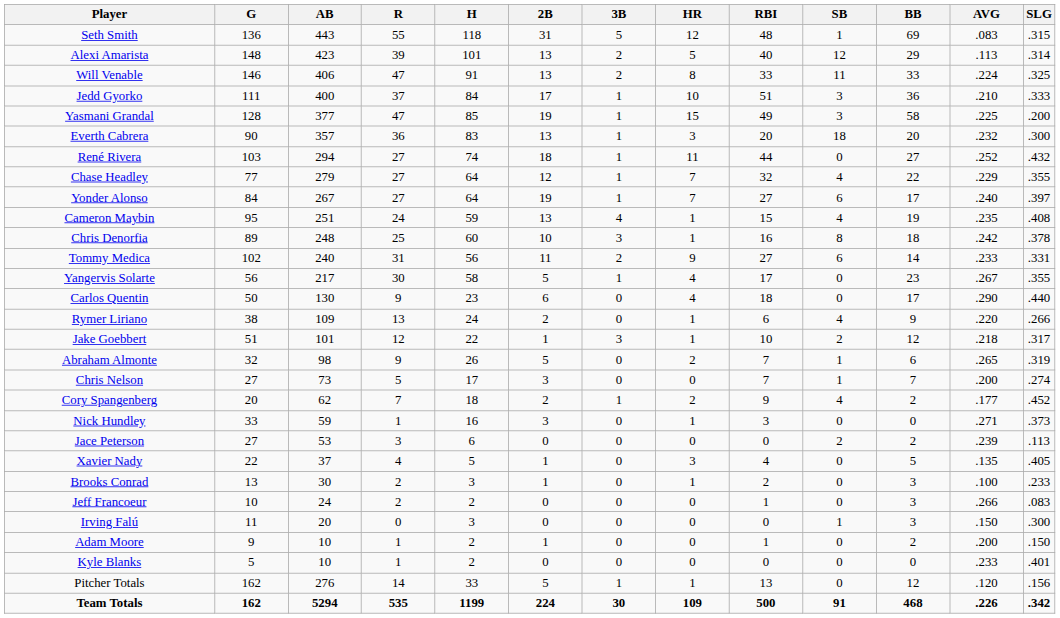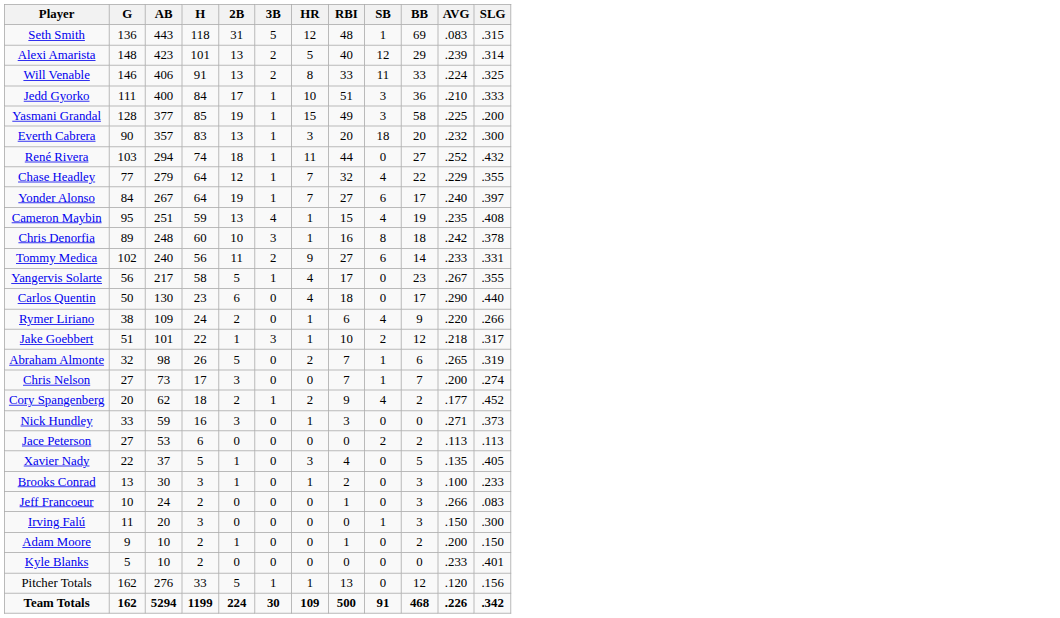 <table class=wikitable style="text-align:center">
 <tr>
 <th bgcolor=#DDDDFF; width="20%">Player</th>
 <th bgcolor=#DDDDFF; width="7%">G</th>
 <th bgcolor=#DDDDFF; width="7%">AB</th>
-<th bgcolor=#DDDDFF; width="7%">R</th>
 <th bgcolor=#DDDDFF; width="7%">H</th>
 <th bgcolor=#DDDDFF; width="7%">2B</th>
 <th bgcolor=#DDDDFF; width="7%">3B</th>
 <th bgcolor=#DDDDFF; width="7%">HR</th>
 <th bgcolor=#DDDDFF; width="7%">RBI</th>
 <th bgcolor=#DDDDFF; width="7%">SB</th>
 <th bgcolor=#DDDDFF; width="7%">BB</th>
 <th bgcolor=#DDDDFF; width="7%'">AVG</th>
 <th bgcolor=#DDDDFF; width="7%">SLG</th>
 </tr>
 <tr>
 <td><a href='#'>Seth Smith</a></td>
 <td>136</td>
 <td>443</td>
-<td>55</td>
 <td>118</td>
 <td>31</td>
 <td>5</td>
 <td>12</td>
 <td>48</td>
 <td>1</td>
 <td>69</td>
 <td>.083</td>
 <td>.315</td>
 </tr>
 <tr>
 <td><a href='#'>Alexi Amarista</a></td>
 <td>148</td>
 <td>423</td>
-<td>39</td>
 <td>101</td>
 <td>13</td>
 <td>2</td>
 <td>5</td>
 <td>40</td>
 <td>12</td>
 <td>29</td>
-<td>.113</td>
+<td>.239</td>
 <td>.314</td>
 </tr>
 <tr>
 <td><a href='#'>Will Venable</a></td>
 <td>146</td>
 <td>406</td>
-<td>47</td>
 <td>91</td>
 <td>13</td>
 <td>2</td>
 <td>8</td>
 <td>33</td>
 <td>11</td>
 <td>33</td>
 <td>.224</td>
 <td>.325</td>
 </tr>
 <tr>
 <td><a href='#'>Jedd Gyorko</a></td>
 <td>111</td>
 <td>400</td>
-<td>37</td>
 <td>84</td>
 <td>17</td>
 <td>1</td>
 <td>10</td>
 <td>51</td>
 <td>3</td>
 <td>36</td>
 <td>.210</td>
 <td>.333</td>
 </tr>
 <tr>
 <td><a href='#'>Yasmani Grandal</a></td>
 <td>128</td>
 <td>377</td>
-<td>47</td>
 <td>85</td>
 <td>19</td>
 <td>1</td>
 <td>15</td>
 <td>49</td>
 <td>3</td>
 <td>58</td>
 <td>.225</td>
 <td>.200</td>
 </tr>
 <tr>
 <td><a href='#'>Everth Cabrera</a></td>
 <td>90</td>
 <td>357</td>
-<td>36</td>
 <td>83</td>
 <td>13</td>
 <td>1</td>
 <td>3</td>
 <td>20</td>
 <td>18</td>
 <td>20</td>
 <td>.232</td>
 <td>.300</td>
 </tr>
 <tr>
 <td><a href='#'>René Rivera</a></td>
 <td>103</td>
 <td>294</td>
-<td>27</td>
 <td>74</td>
 <td>18</td>
 <td>1</td>
 <td>11</td>
 <td>44</td>
 <td>0</td>
 <td>27</td>
 <td>.252</td>
 <td>.432</td>
 </tr>
 <tr>
 <td><a href='#'>Chase Headley</a></td>
 <td>77</td>
 <td>279</td>
-<td>27</td>
 <td>64</td>
 <td>12</td>
 <td>1</td>
 <td>7</td>
 <td>32</td>
 <td>4</td>
 <td>22</td>
 <td>.229</td>
 <td>.355</td>
 </tr>
 <tr>
 <td><a href='#'>Yonder Alonso</a></td>
 <td>84</td>
 <td>267</td>
-<td>27</td>
 <td>64</td>
 <td>19</td>
 <td>1</td>
 <td>7</td>
 <td>27</td>
 <td>6</td>
 <td>17</td>
 <td>.240</td>
 <td>.397</td>
 </tr>
 <tr>
 <td><a href='#'>Cameron Maybin</a></td>
 <td>95</td>
 <td>251</td>
-<td>24</td>
 <td>59</td>
 <td>13</td>
 <td>4</td>
 <td>1</td>
 <td>15</td>
 <td>4</td>
 <td>19</td>
 <td>.235</td>
 <td>.408</td>
 </tr>
 <tr>
 <td><a href='#'>Chris Denorfia</a></td>
 <td>89</td>
 <td>248</td>
-<td>25</td>
 <td>60</td>
 <td>10</td>
 <td>3</td>
 <td>1</td>
 <td>16</td>
 <td>8</td>
 <td>18</td>
 <td>.242</td>
 <td>.378</td>
 </tr>
 <tr>
 <td><a href='#'>Tommy Medica</a></td>
 <td>102</td>
 <td>240</td>
-<td>31</td>
 <td>56</td>
 <td>11</td>
 <td>2</td>
 <td>9</td>
 <td>27</td>
 <td>6</td>
 <td>14</td>
 <td>.233</td>
 <td>.331</td>
 </tr>
 <tr>
 <td><a href='#'>Yangervis Solarte</a></td>
 <td>56</td>
 <td>217</td>
-<td>30</td>
 <td>58</td>
 <td>5</td>
 <td>1</td>
 <td>4</td>
 <td>17</td>
 <td>0</td>
 <td>23</td>
 <td>.267</td>
 <td>.355</td>
 </tr>
 <tr>
 <td><a href='#'>Carlos Quentin</a></td>
 <td>50</td>
 <td>130</td>
-<td>9</td>
 <td>23</td>
 <td>6</td>
 <td>0</td>
 <td>4</td>
 <td>18</td>
 <td>0</td>
 <td>17</td>
 <td>.290</td>
 <td>.440</td>
 </tr>
 <tr>
 <td><a href='#'>Rymer Liriano</a></td>
 <td>38</td>
 <td>109</td>
-<td>13</td>
 <td>24</td>
 <td>2</td>
 <td>0</td>
 <td>1</td>
 <td>6</td>
 <td>4</td>
 <td>9</td>
 <td>.220</td>
 <td>.266</td>
 </tr>
 <tr>
 <td><a href='#'>Jake Goebbert</a></td>
 <td>51</td>
 <td>101</td>
-<td>12</td>
 <td>22</td>
 <td>1</td>
 <td>3</td>
 <td>1</td>
 <td>10</td>
 <td>2</td>
 <td>12</td>
 <td>.218</td>
 <td>.317</td>
 </tr>
 <tr>
 <td><a href='#'>Abraham Almonte</a></td>
 <td>32</td>
 <td>98</td>
-<td>9</td>
 <td>26</td>
 <td>5</td>
 <td>0</td>
 <td>2</td>
 <td>7</td>
 <td>1</td>
 <td>6</td>
 <td>.265</td>
 <td>.319</td>
 </tr>
 <tr>
 <td><a href='#'>Chris Nelson</a></td>
 <td>27</td>
 <td>73</td>
-<td>5</td>
 <td>17</td>
 <td>3</td>
 <td>0</td>
 <td>0</td>
 <td>7</td>
 <td>1</td>
 <td>7</td>
 <td>.200</td>
 <td>.274</td>
 </tr>
 <tr>
 <td><a href='#'>Cory Spangenberg</a></td>
 <td>20</td>
 <td>62</td>
-<td>7</td>
 <td>18</td>
 <td>2</td>
 <td>1</td>
 <td>2</td>
 <td>9</td>
 <td>4</td>
 <td>2</td>
 <td>.177</td>
 <td>.452</td>
 </tr>
 <tr>
 <td><a href='#'>Nick Hundley</a></td>
 <td>33</td>
 <td>59</td>
-<td>1</td>
 <td>16</td>
 <td>3</td>
 <td>0</td>
 <td>1</td>
 <td>3</td>
 <td>0</td>
 <td>0</td>
 <td>.271</td>
 <td>.373</td>
 </tr>
 <tr>
 <td><a href='#'>Jace Peterson</a></td>
 <td>27</td>
 <td>53</td>
-<td>3</td>
 <td>6</td>
 <td>0</td>
 <td>0</td>
 <td>0</td>
 <td>0</td>
 <td>2</td>
 <td>2</td>
-<td>.239</td>
+<td>.113</td>
 <td>.113</td>
 </tr>
 <tr>
 <td><a href='#'>Xavier Nady</a></td>
 <td>22</td>
 <td>37</td>
-<td>4</td>
 <td>5</td>
 <td>1</td>
 <td>0</td>
 <td>3</td>
 <td>4</td>
 <td>0</td>
 <td>5</td>
 <td>.135</td>
 <td>.405</td>
 </tr>
 <tr>
 <td><a href='#'>Brooks Conrad</a></td>
 <td>13</td>
 <td>30</td>
-<td>2</td>
 <td>3</td>
 <td>1</td>
 <td>0</td>
 <td>1</td>
 <td>2</td>
 <td>0</td>
 <td>3</td>
 <td>.100</td>
 <td>.233</td>
 </tr>
 <tr>
 <td><a href='#'>Jeff Francoeur</a></td>
 <td>10</td>
 <td>24</td>
 <td>2</td>
-<td>2</td>
 <td>0</td>
 <td>0</td>
 <td>0</td>
 <td>1</td>
 <td>0</td>
 <td>3</td>
 <td>.266</td>
 <td>.083</td>
 </tr>
 <tr>
 <td><a href='#'>Irving Falú</a></td>
 <td>11</td>
 <td>20</td>
-<td>0</td>
 <td>3</td>
 <td>0</td>
 <td>0</td>
 <td>0</td>
 <td>0</td>
 <td>1</td>
 <td>3</td>
 <td>.150</td>
 <td>.300</td>
 </tr>
 <tr>
 <td><a href='#'>Adam Moore</a></td>
 <td>9</td>
 <td>10</td>
-<td>1</td>
 <td>2</td>
 <td>1</td>
 <td>0</td>
 <td>0</td>
 <td>1</td>
 <td>0</td>
 <td>2</td>
 <td>.200</td>
 <td>.150</td>
 </tr>
 <tr>
 <td><a href='#'>Kyle Blanks</a></td>
 <td>5</td>
 <td>10</td>
-<td>1</td>
 <td>2</td>
 <td>0</td>
 <td>0</td>
 <td>0</td>
 <td>0</td>
 <td>0</td>
 <td>0</td>
 <td>.233</td>
 <td>.401</td>
 </tr>
 <tr>
 <td>Pitcher Totals</td>
 <td>162</td>
 <td>276</td>
-<td>14</td>
 <td>33</td>
 <td>5</td>
 <td>1</td>
 <td>1</td>
 <td>13</td>
 <td>0</td>
 <td>12</td>
 <td>.120</td>
 <td>.156</td>
 </tr>
 <tr>
 <td><strong>Team Totals</strong></td>
 <td><strong>162</strong></td>
 <td><strong>5294</strong></td>
-<td><strong>535</strong></td>
 <td><strong>1199</strong></td>
 <td><strong>224</strong></td>
 <td><strong>30</strong></td>
 <td><strong>109</strong></td>
 <td><strong>500</strong></td>
 <td><strong>91</strong></td>
 <td><strong>468</strong></td>
 <td><strong>.226</strong></td>
 <td><strong>.342</strong></td>
 </tr>
 </table>
